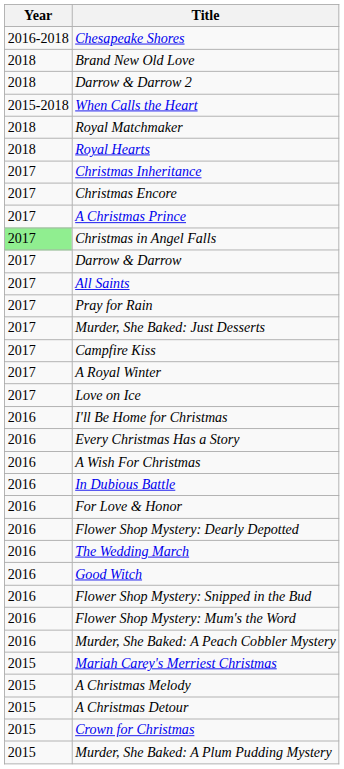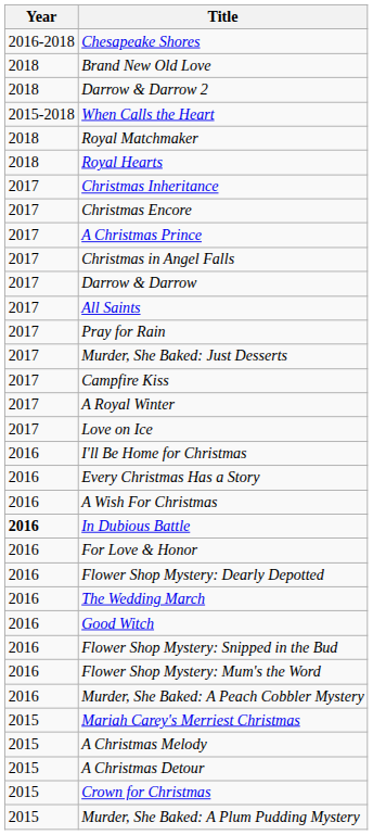 <table class="wikitable sortable">
 <tr>
 <th>Year</th>
 <th>Title</th>
 </tr>
 <tr>
 <td>2016-2018</td>
 <td><em><a href='#'>Chesapeake Shores</a></em></td>
 </tr>
 <tr>
 <td>2018</td>
 <td><em>Brand New Old Love</em></td>
 </tr>
 <tr>
 <td>2018</td>
 <td><em>Darrow & Darrow 2</em></td>
 </tr>
 <tr>
 <td>2015-2018</td>
 <td><em><a href='#'>When Calls the Heart</a></em></td>
 </tr>
 <tr>
 <td>2018</td>
 <td><em>Royal Matchmaker</em></td>
 </tr>
 <tr>
 <td>2018</td>
 <td><em><a href='#'>Royal Hearts</a></em></td>
 </tr>
 <tr>
 <td>2017</td>
 <td><em><a href='#'>Christmas Inheritance</a></em></td>
 </tr>
 <tr>
 <td>2017</td>
 <td><em>Christmas Encore</em></td>
 </tr>
 <tr>
 <td>2017</td>
 <td><em><a href='#'>A Christmas Prince</a></em></td>
 </tr>
 <tr>
-<td style="background: lightgreen;">2017</td>
+<td>2017</td>
 <td><em>Christmas in Angel Falls</em></td>
 </tr>
 <tr>
 <td>2017</td>
 <td><em>Darrow & Darrow</em></td>
 </tr>
 <tr>
 <td>2017</td>
 <td><em><a href='#'>All Saints</a></em></td>
 </tr>
 <tr>
 <td>2017</td>
 <td><em>Pray for Rain</em></td>
 </tr>
 <tr>
 <td>2017</td>
 <td><em>Murder, She Baked: Just Desserts</em></td>
 </tr>
 <tr>
 <td>2017</td>
 <td><em>Campfire Kiss</em></td>
 </tr>
 <tr>
 <td>2017</td>
 <td><em>A Royal Winter</em></td>
 </tr>
 <tr>
 <td>2017</td>
 <td><em>Love on Ice</em></td>
 </tr>
 <tr>
 <td>2016</td>
 <td><em>I'll Be Home for Christmas</em></td>
 </tr>
 <tr>
 <td>2016</td>
 <td><em>Every Christmas Has a Story</em></td>
 </tr>
 <tr>
 <td>2016</td>
 <td><em>A Wish For Christmas</em></td>
 </tr>
 <tr>
-<td>2016</td>
+<td><strong>2016</strong></td>
 <td><em><a href='#'>In Dubious Battle</a></em></td>
 </tr>
 <tr>
 <td>2016</td>
 <td><em>For Love & Honor</em></td>
 </tr>
 <tr>
 <td>2016</td>
 <td><em>Flower Shop Mystery: Dearly Depotted</em></td>
 </tr>
 <tr>
 <td>2016</td>
 <td><em><a href='#'>The Wedding March</a></em></td>
 </tr>
 <tr>
 <td>2016</td>
 <td><em><a href='#'>Good Witch</a></em></td>
 </tr>
 <tr>
 <td>2016</td>
 <td><em>Flower Shop Mystery: Snipped in the Bud</em></td>
 </tr>
 <tr>
 <td>2016</td>
 <td><em>Flower Shop Mystery: Mum's the Word</em></td>
 </tr>
 <tr>
 <td>2016</td>
 <td><em>Murder, She Baked: A Peach Cobbler Mystery</em></td>
 </tr>
 <tr>
 <td>2015</td>
 <td><em><a href='#'>Mariah Carey's Merriest Christmas</a></em></td>
 </tr>
 <tr>
 <td>2015</td>
 <td><em>A Christmas Melody</em></td>
 </tr>
 <tr>
 <td>2015</td>
 <td><em>A Christmas Detour</em></td>
 </tr>
 <tr>
 <td>2015</td>
 <td><em><a href='#'>Crown for Christmas</a></em></td>
 </tr>
 <tr>
 <td>2015</td>
 <td><em>Murder, She Baked: A Plum Pudding Mystery</em></td>
 </tr>
 </table>
